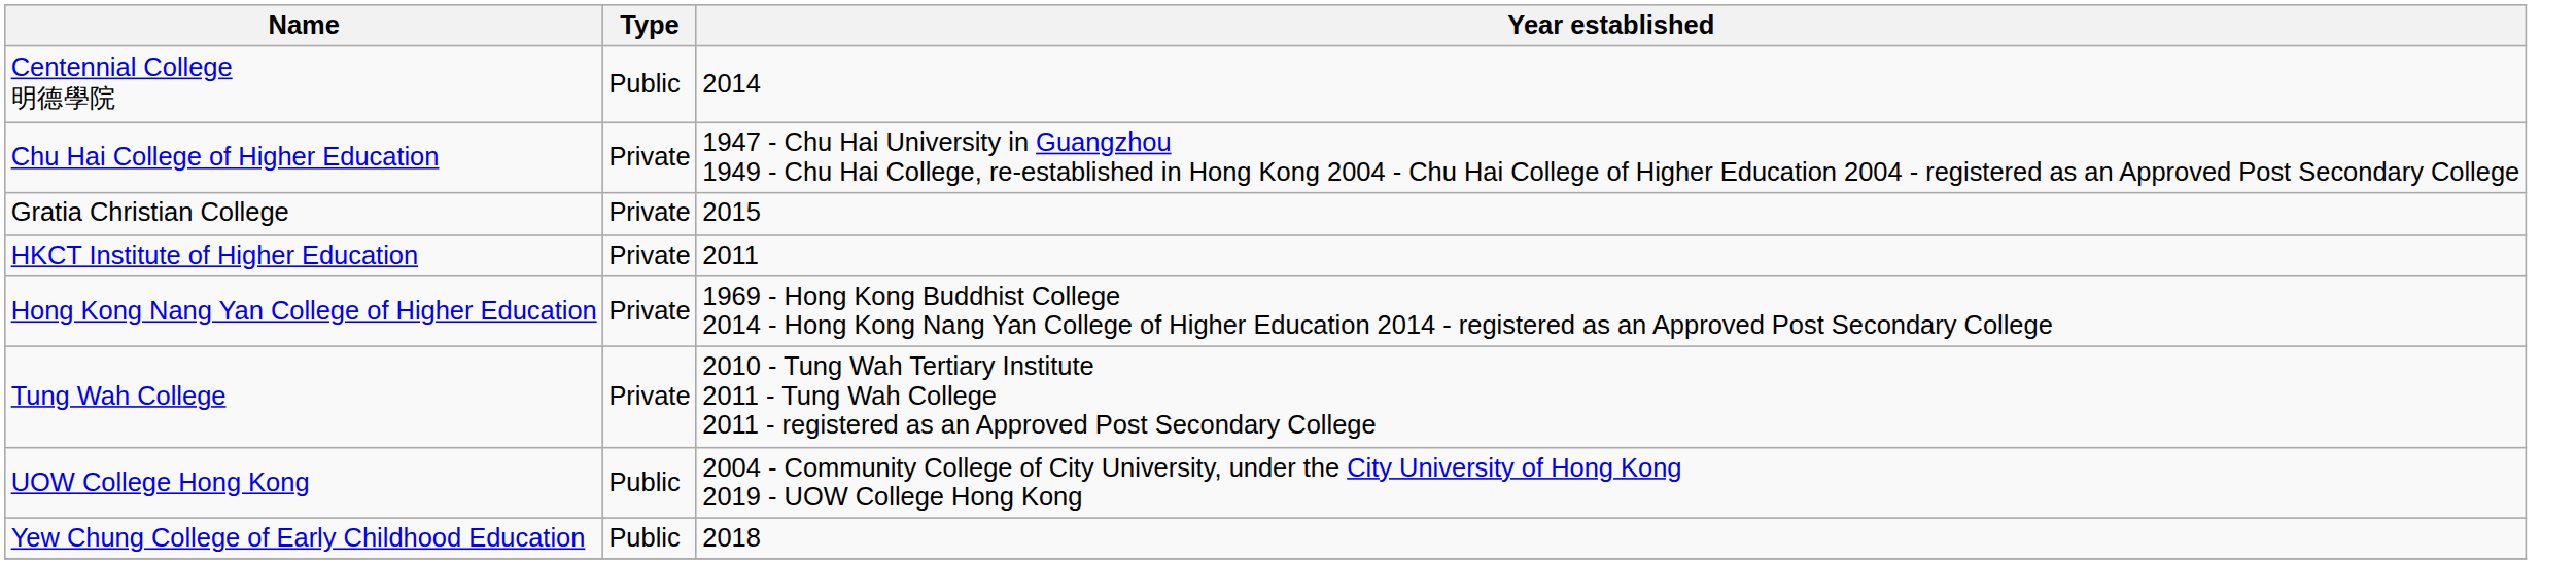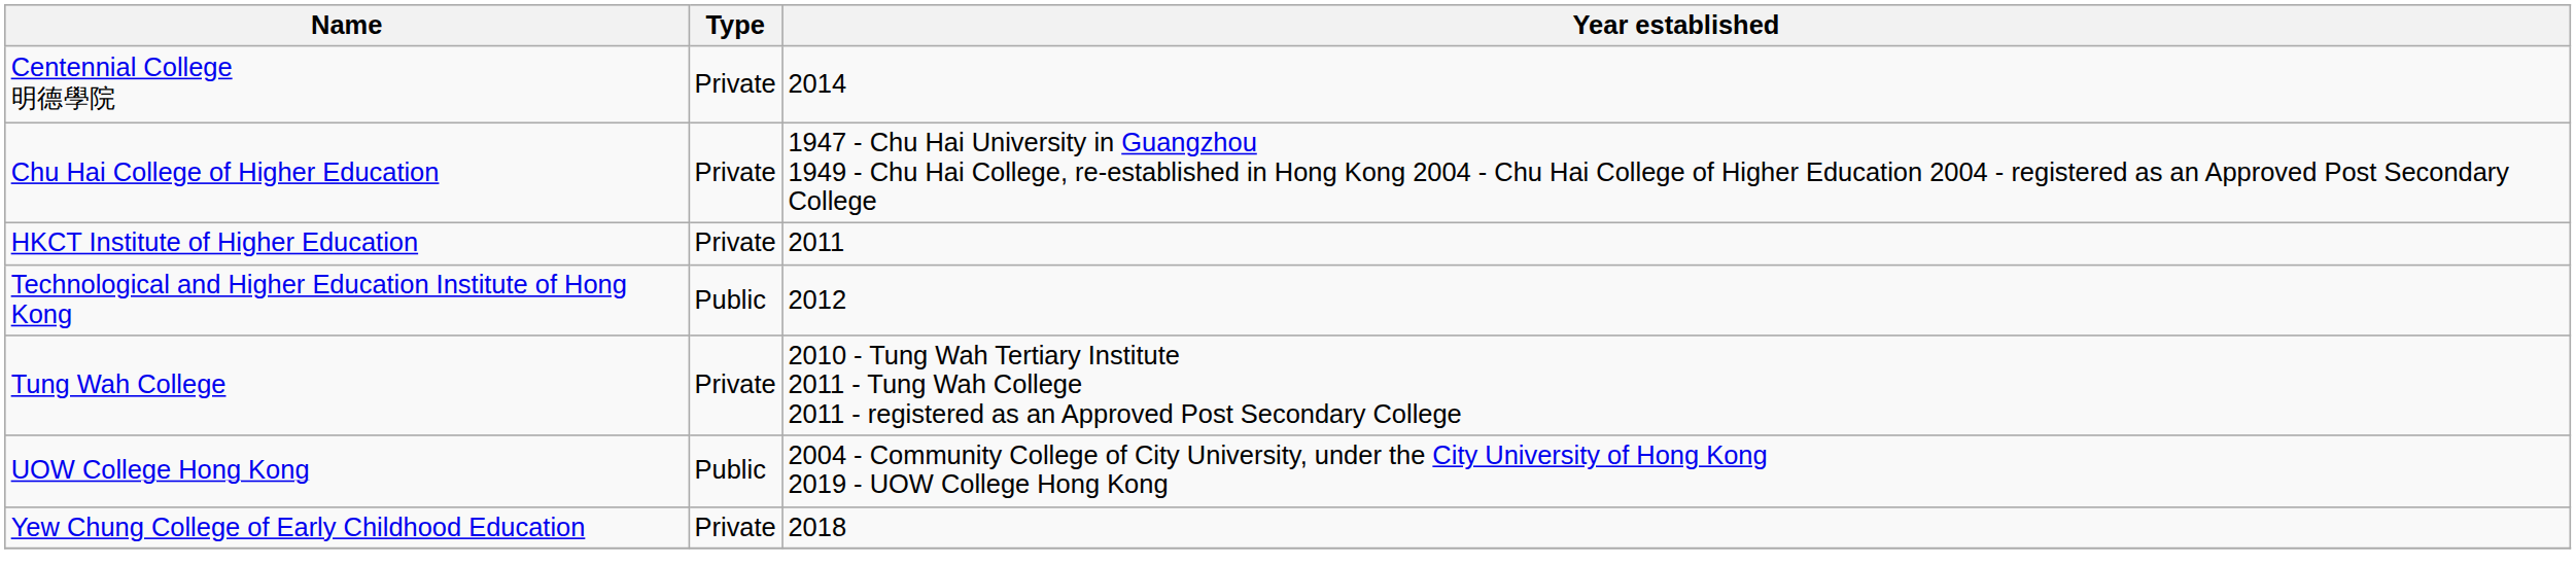 <table class="wikitable" align="center">
 <tr>
 <th>Name</th>
 <th>Type</th>
 <th>Year established</th>
 </tr>
 <tr>
 <td><a href='#'>Centennial College</a><br>明德學院</td>
-<td>Public</td>
+<td>Private</td>
 <td>2014</td>
 </tr>
 <tr>
 <td><a href='#'>Chu Hai College of Higher Education</a><br></td>
 <td>Private</td>
 <td>1947 - Chu Hai University in <a href='#'>Guangzhou</a><br>1949 - Chu Hai College, re-established in Hong Kong 2004 - Chu Hai College of Higher Education 2004 - registered as an Approved Post Secondary College</td>
 </tr>
 <tr>
-<td>Gratia Christian College<br></td>
-<td>Private</td>
-<td>2015</td>
-</tr>
-<tr>
 <td><a href='#'>HKCT Institute of Higher Education</a><br></td>
 <td>Private</td>
 <td>2011</td>
 </tr>
 <tr>
-<td><a href='#'>Hong Kong Nang Yan College of Higher Education</a><br></td>
-<td>Private</td>
-<td>1969 - Hong Kong Buddhist College<br>2014 - Hong Kong Nang Yan College of Higher Education 2014 - registered as an Approved Post Secondary College</td>
+<td><a href='#'>Technological and Higher Education Institute of Hong Kong</a><br></td>
+<td>Public</td>
+<td>2012</td>
 </tr>
 <tr>
 <td><a href='#'>Tung Wah College</a><br></td>
 <td>Private</td>
 <td>2010 - Tung Wah Tertiary Institute<br>2011 - Tung Wah College<br> 2011 - registered as an Approved Post Secondary College</td>
 </tr>
 <tr>
 <td><a href='#'>UOW College Hong Kong</a><br></td>
 <td>Public</td>
 <td>2004 - Community College of City University, under the <a href='#'>City University of Hong Kong</a><br>2019 - UOW College Hong Kong</td>
 </tr>
 <tr>
 <td><a href='#'>Yew Chung College of Early Childhood Education</a><br></td>
-<td>Public</td>
+<td>Private</td>
 <td>2018</td>
 </tr>
 <tr>
 </tr>
 </table>
